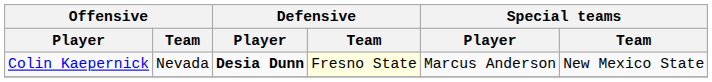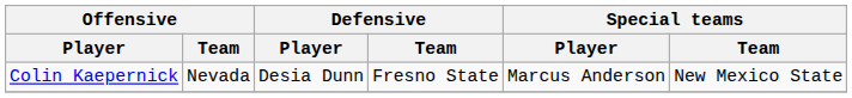 <table class="wikitable" border="1">
 <tr>
 <th colspan="2">Offensive</th>
 <th colspan="2">Defensive</th>
 <th colspan="2">Special teams</th>
 </tr>
 <tr>
 <th>Player</th>
 <th>Team</th>
 <th>Player</th>
 <th>Team</th>
 <th>Player</th>
 <th>Team</th>
 </tr>
 <tr>
 <td><a href='#'>Colin Kaepernick</a></td>
 <td>Nevada</td>
-<td><strong>Desia Dunn</strong></td>
-<td style="background: lightyellow;">Fresno State</td>
+<td>Desia Dunn</td>
+<td>Fresno State</td>
 <td>Marcus Anderson</td>
 <td>New Mexico State</td>
 </tr>
 <tr>
 </tr>
 </table>
